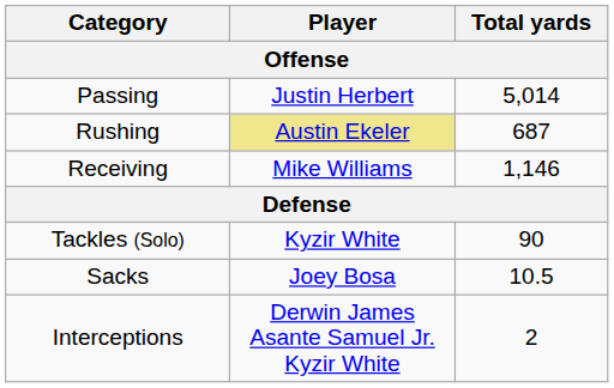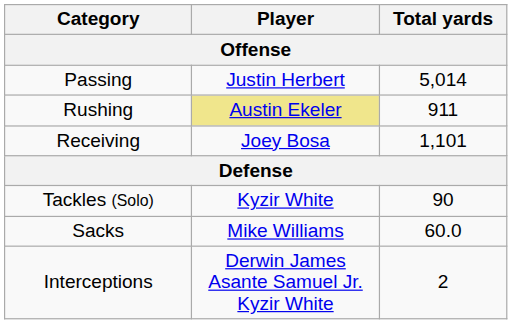 <table class="wikitable" style="text-align:center">
 <tr>
 <th width="150">Category</th>
 <th width="150">Player</th>
 <th width="100">Total yards</th>
 </tr>
 <tr>
 <th align="center" colspan="4">Offense</th>
 </tr>
 <tr>
 <td>Passing</td>
 <td><a href='#'>Justin Herbert</a></td>
 <td>5,014</td>
 </tr>
 <tr>
 <td>Rushing</td>
 <td style="background: khaki;"><a href='#'>Austin Ekeler</a></td>
-<td>687</td>
+<td>911</td>
 </tr>
 <tr>
 <td>Receiving</td>
-<td><a href='#'>Mike Williams</a></td>
-<td>1,146</td>
+<td><a href='#'>Joey Bosa</a></td>
+<td>1,101</td>
 </tr>
 <tr>
 <th align="center" colspan="4">Defense</th>
 </tr>
 <tr>
 <td>Tackles <small>(Solo)</small></td>
 <td><a href='#'>Kyzir White</a></td>
 <td>90</td>
 </tr>
 <tr>
 <td>Sacks</td>
-<td><a href='#'>Joey Bosa</a></td>
-<td>10.5</td>
+<td><a href='#'>Mike Williams</a></td>
+<td>60.0</td>
 </tr>
 <tr>
 <td>Interceptions</td>
 <td><a href='#'>Derwin James</a><br><a href='#'>Asante Samuel Jr.</a><br><a href='#'>Kyzir White</a></td>
 <td>2</td>
 </tr>
 </table>
